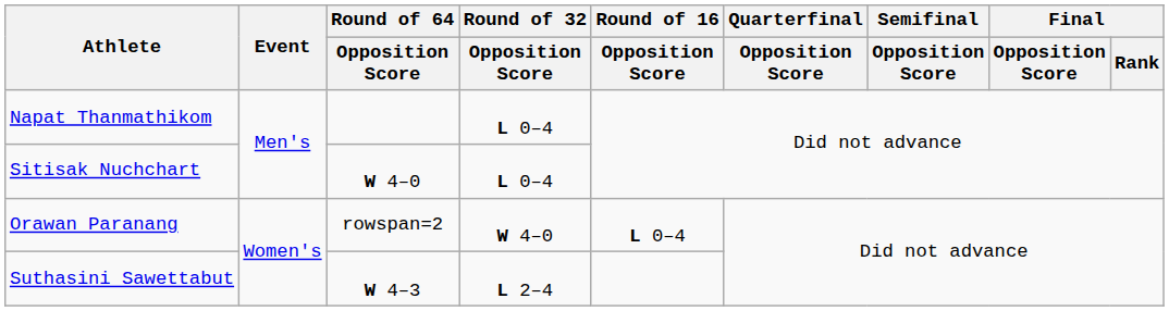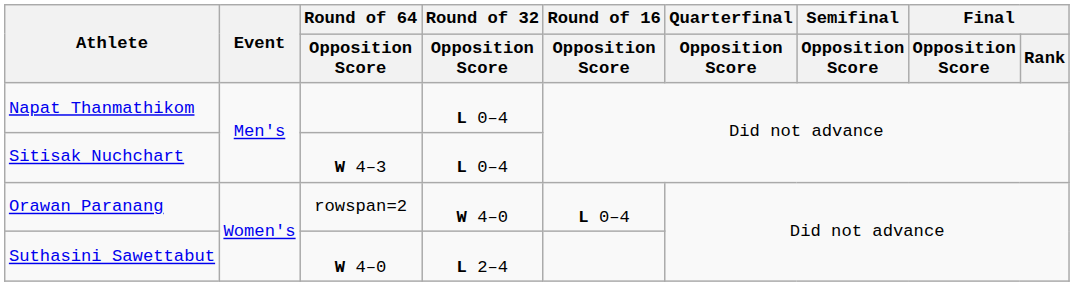 <table class=wikitable style=font-size:90%;text-align:center>
 <tr>
 <th rowspan="2">Athlete</th>
 <th rowspan="2">Event</th>
 <th>Round of 64</th>
 <th>Round of 32</th>
 <th>Round of 16</th>
 <th>Quarterfinal</th>
 <th>Semifinal</th>
 <th colspan="2">Final</th>
 </tr>
 <tr>
 <th>Opposition<br>Score</th>
 <th>Opposition<br>Score</th>
 <th>Opposition<br>Score</th>
 <th>Opposition<br>Score</th>
 <th>Opposition<br>Score</th>
 <th>Opposition<br>Score</th>
 <th>Rank</th>
 </tr>
 <tr>
 <td align=left><a href='#'>Napat Thanmathikom</a></td>
 <td rowspan="2"><a href='#'>Men's</a></td>
 <td></td>
 <td><br><strong>L</strong> 0–4</td>
 <td rowspan=2 colspan="5">Did not advance</td>
 </tr>
 <tr>
 <td align=left><a href='#'>Sitisak Nuchchart</a></td>
-<td><br><strong>W</strong> 4–0</td>
+<td><br><strong>W</strong> 4–3</td>
 <td><br><strong>L</strong> 0–4</td>
 </tr>
 <tr>
 <td align=left><a href='#'>Orawan Paranang</a></td>
 <td rowspan="2"><a href='#'>Women's</a></td>
 <td>rowspan=2 </td>
 <td><br><strong>W</strong> 4–0</td>
 <td><br><strong>L</strong> 0–4</td>
 <td rowspan=2 colspan="4">Did not advance</td>
 </tr>
 <tr>
 <td align=left><a href='#'>Suthasini Sawettabut</a></td>
-<td><br><strong>W</strong> 4–3</td>
+<td><br><strong>W</strong> 4–0</td>
 <td><br><strong>L</strong> 2–4</td>
 </tr>
 </table>
